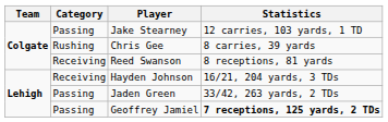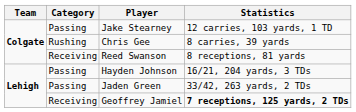 <table class="wikitable" style="float: right;">
 <tr>
 <th>Team</th>
 <th>Category</th>
 <th>Player</th>
 <th>Statistics</th>
 </tr>
 <tr>
 <td rowspan=3><strong>Colgate</strong></td>
 <td>Passing</td>
 <td>Jake Stearney</td>
 <td>12 carries, 103 yards, 1 TD</td>
 </tr>
 <tr>
 <td>Rushing</td>
 <td>Chris Gee</td>
 <td>8 carries, 39 yards</td>
 </tr>
 <tr>
 <td>Receiving</td>
 <td>Reed Swanson</td>
 <td>8 receptions, 81 yards</td>
 </tr>
 <tr>
 <td rowspan=3><strong>Lehigh</strong></td>
-<td>Receiving</td>
+<td>Passing</td>
 <td>Hayden Johnson</td>
 <td>16/21, 204 yards, 3 TDs</td>
 </tr>
 <tr>
 <td>Passing</td>
 <td>Jaden Green</td>
 <td>33/42, 263 yards, 2 TDs</td>
 </tr>
 <tr>
-<td>Passing</td>
+<td>Receiving</td>
 <td>Geoffrey Jamiel</td>
 <td><strong>7 receptions, 125 yards, 2 TDs</strong></td>
 </tr>
 </table>
